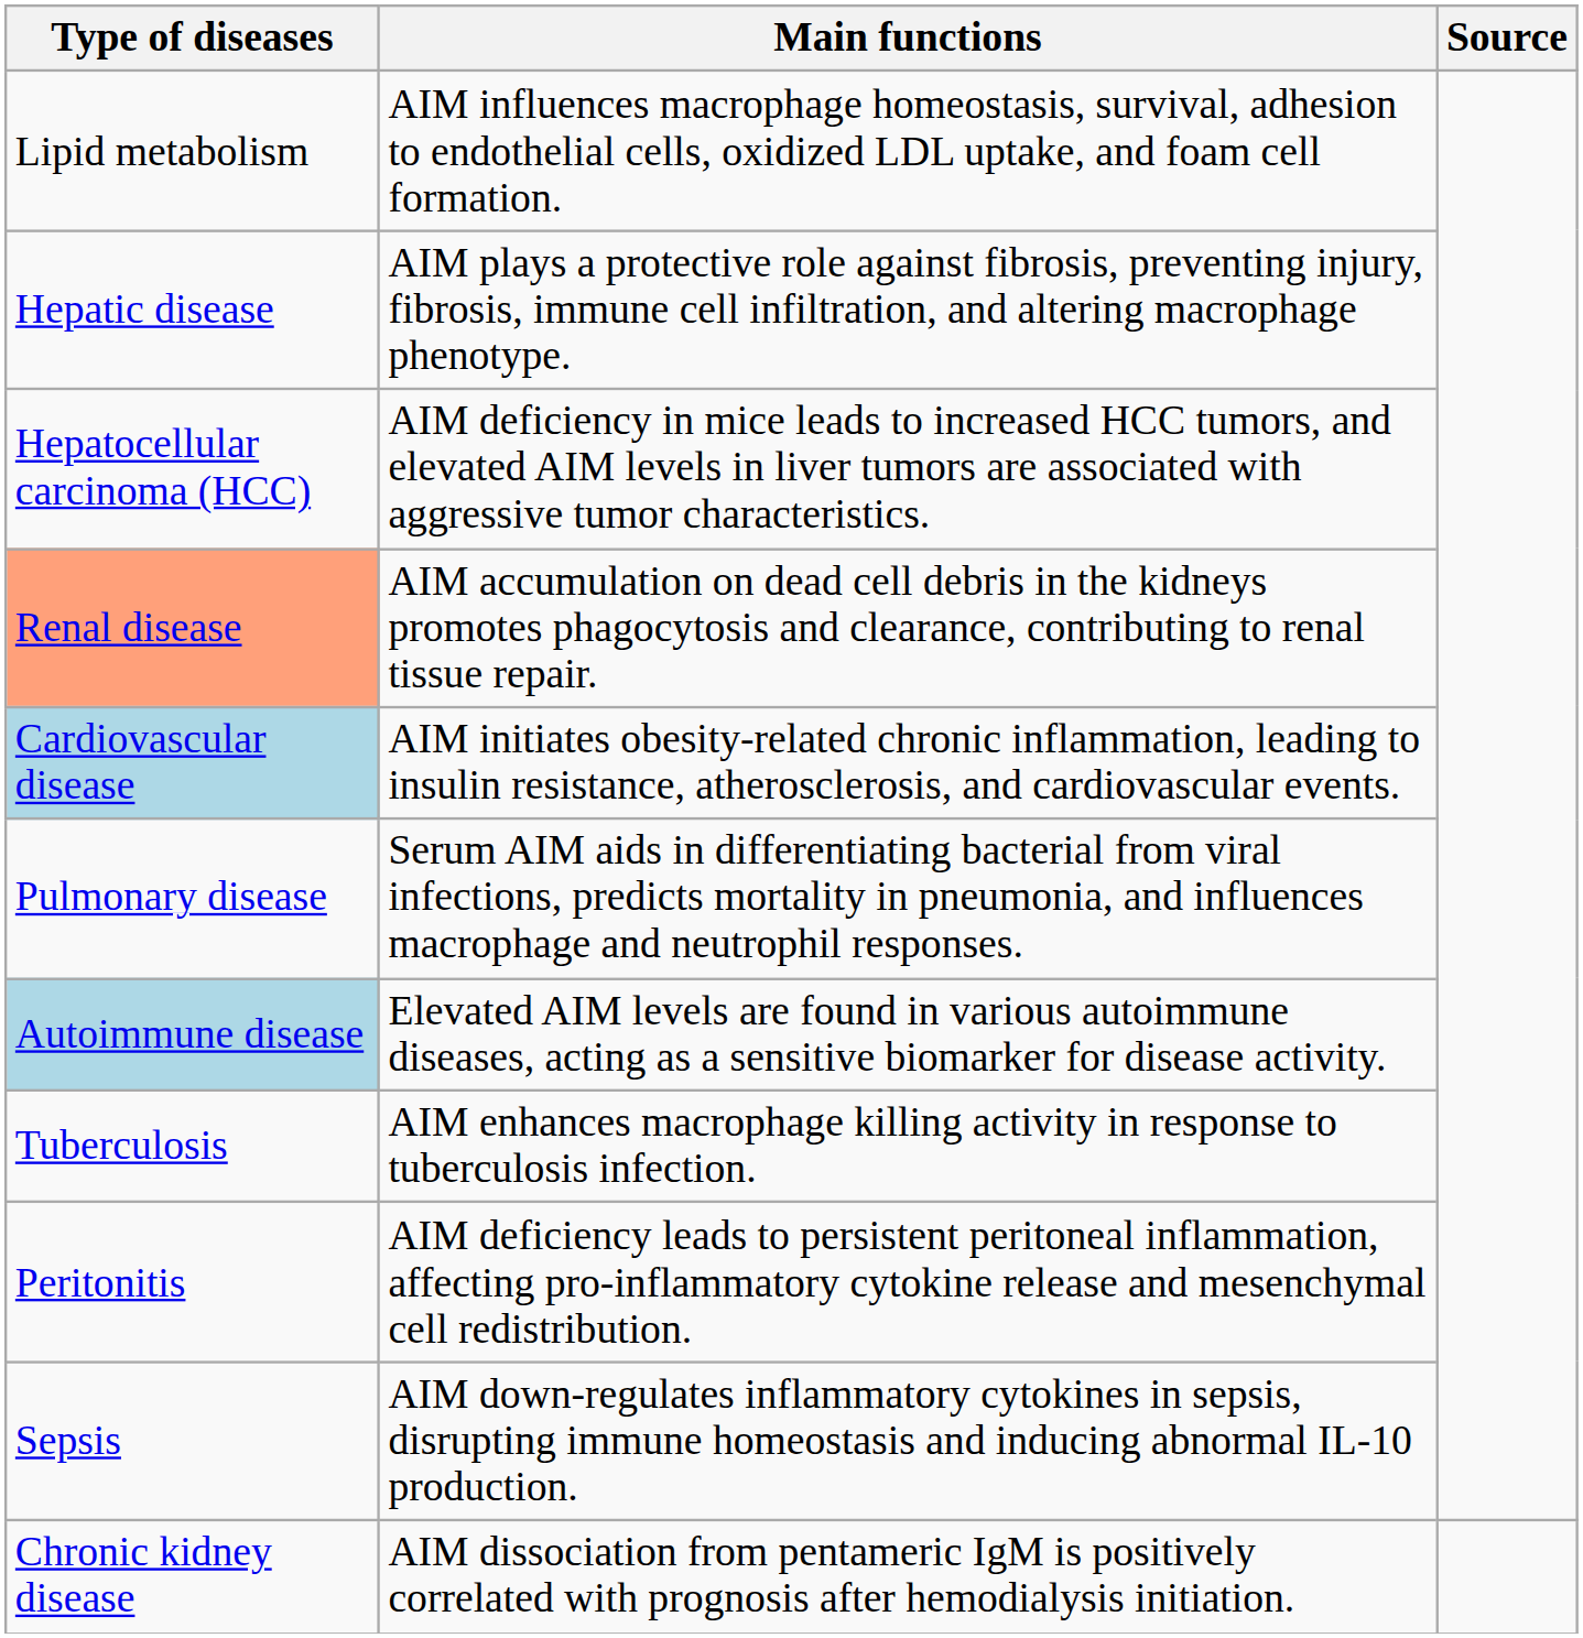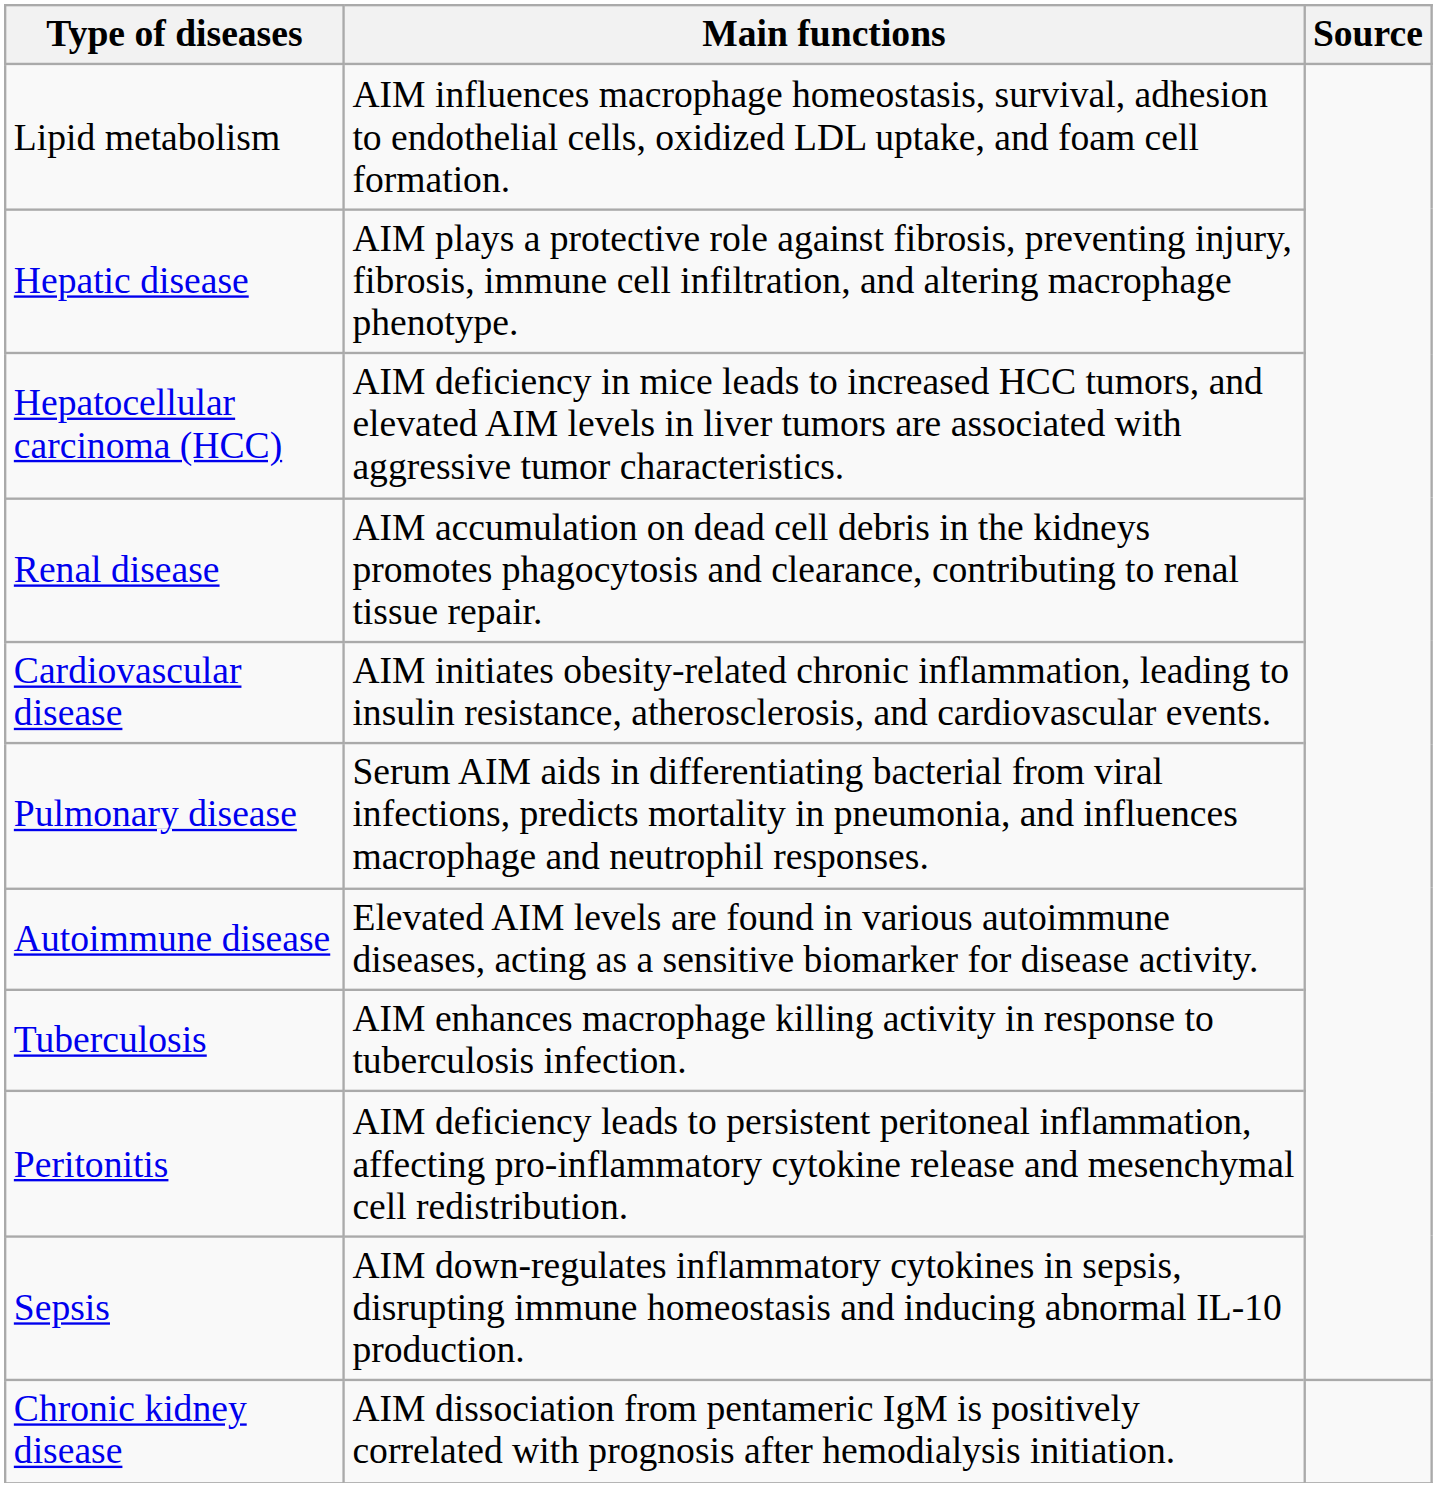 <table class="wikitable">
 <tr>
 <th>Type of diseases</th>
 <th>Main functions</th>
 <th>Source</th>
 </tr>
 <tr>
 <td>Lipid metabolism</td>
 <td>AIM influences macrophage homeostasis, survival, adhesion to endothelial cells, oxidized LDL uptake, and foam cell formation.</td>
 <td rowspan="10"></td>
 </tr>
 <tr>
 <td><a href='#'>Hepatic disease</a></td>
 <td>AIM plays a protective role against fibrosis, preventing injury, fibrosis, immune cell infiltration, and altering macrophage phenotype.</td>
 </tr>
 <tr>
 <td><a href='#'>Hepatocellular carcinoma (HCC)</a></td>
 <td>AIM deficiency in mice leads to increased HCC tumors, and elevated AIM levels in liver tumors are associated with aggressive tumor characteristics.</td>
 </tr>
 <tr>
-<td style="background: lightsalmon;"><a href='#'>Renal disease</a></td>
+<td><a href='#'>Renal disease</a></td>
 <td>AIM accumulation on dead cell debris in the kidneys promotes phagocytosis and clearance, contributing to renal tissue repair.</td>
 </tr>
 <tr>
-<td style="background: lightblue;"><a href='#'>Cardiovascular disease</a></td>
+<td><a href='#'>Cardiovascular disease</a></td>
 <td>AIM initiates obesity-related chronic inflammation, leading to insulin resistance, atherosclerosis, and cardiovascular events.</td>
 </tr>
 <tr>
 <td><a href='#'>Pulmonary disease</a></td>
 <td>Serum AIM aids in differentiating bacterial from viral infections, predicts mortality in pneumonia, and influences macrophage and neutrophil responses.</td>
 </tr>
 <tr>
-<td style="background: lightblue;"><a href='#'>Autoimmune disease</a></td>
+<td><a href='#'>Autoimmune disease</a></td>
 <td>Elevated AIM levels are found in various autoimmune diseases, acting as a sensitive biomarker for disease activity.</td>
 </tr>
 <tr>
 <td><a href='#'>Tuberculosis</a></td>
 <td>AIM enhances macrophage killing activity in response to tuberculosis infection.</td>
 </tr>
 <tr>
 <td><a href='#'>Peritonitis</a></td>
 <td>AIM deficiency leads to persistent peritoneal inflammation, affecting pro-inflammatory cytokine release and mesenchymal cell redistribution.</td>
 </tr>
 <tr>
 <td><a href='#'>Sepsis</a></td>
 <td>AIM down-regulates inflammatory cytokines in sepsis, disrupting immune homeostasis and inducing abnormal IL-10 production.</td>
 </tr>
 <tr>
 <td><a href='#'>Chronic kidney disease</a></td>
 <td>AIM dissociation from pentameric IgM is positively correlated with prognosis after hemodialysis initiation.</td>
 </tr>
 </table>
